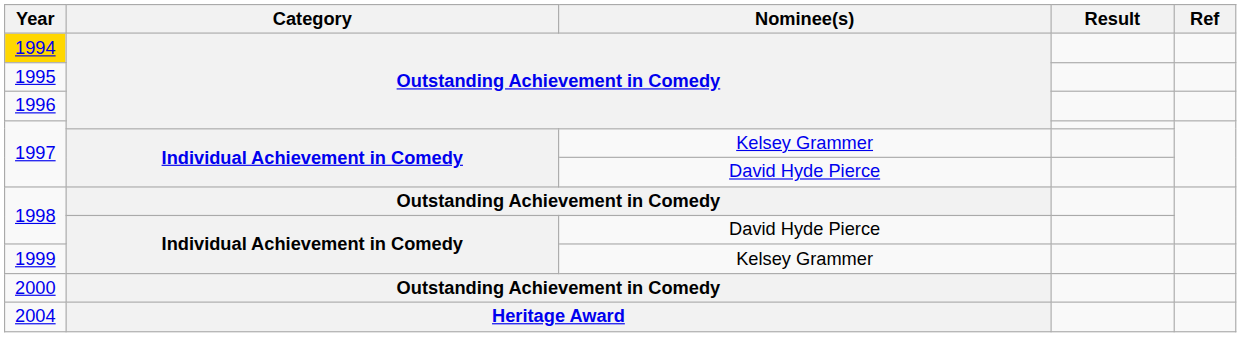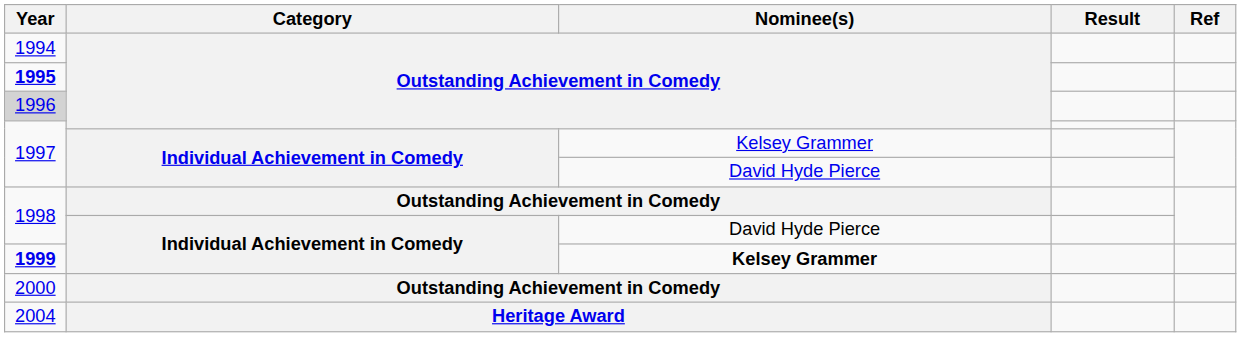 <table class="wikitable plainrowheaders" style="font-size: 100%; text-align:center" width=85.5%>
 <tr>
 <th scope="col" width="5%">Year</th>
 <th scope="col" width="40%">Category</th>
 <th scope="col" width="40%">Nominee(s)</th>
 <th scope="col" width="10%">Result</th>
 <th scope="col" width="5%">Ref</th>
 </tr>
 <tr>
-<td style="background: gold;"><a href='#'>1994</a></td>
+<td><a href='#'>1994</a></td>
 <th scope="row" style="text-align:center" rowspan="4" colspan="2"><a href='#'>Outstanding Achievement in Comedy</a></th>
 <td></td>
 <td></td>
 </tr>
 <tr>
-<td><a href='#'>1995</a></td>
+<td><strong><a href='#'>1995</a></strong></td>
 <td></td>
 <td></td>
 </tr>
 <tr>
-<td><a href='#'>1996</a></td>
+<td style="background: lightgrey;"><a href='#'>1996</a></td>
 <td></td>
 <td></td>
 </tr>
 <tr>
 <td rowspan="3"><a href='#'>1997</a></td>
 <td></td>
 <td rowspan="3"></td>
 </tr>
 <tr>
 <th scope="row" style="text-align:center" rowspan="2"><a href='#'>Individual Achievement in Comedy</a></th>
 <td><a href='#'>Kelsey Grammer</a></td>
 <td></td>
 </tr>
 <tr>
 <td><a href='#'>David Hyde Pierce</a></td>
 <td></td>
 </tr>
 <tr>
 <td rowspan="2"><a href='#'>1998</a></td>
 <th scope="row" style="text-align:center" colspan="2">Outstanding Achievement in Comedy</th>
 <td></td>
 <td rowspan="2"></td>
 </tr>
 <tr>
 <th scope="row" style="text-align:center" rowspan="2">Individual Achievement in Comedy</th>
 <td>David Hyde Pierce</td>
 <td></td>
 </tr>
 <tr>
-<td><a href='#'>1999</a></td>
-<td>Kelsey Grammer</td>
+<td><strong><a href='#'>1999</a></strong></td>
+<td><strong>Kelsey Grammer</strong></td>
 <td></td>
 <td></td>
 </tr>
 <tr>
 <td><a href='#'>2000</a></td>
 <th scope="row" style="text-align:center" colspan="2">Outstanding Achievement in Comedy</th>
 <td></td>
 <td></td>
 </tr>
 <tr>
 <td><a href='#'>2004</a></td>
 <th scope="row" style="text-align:center" colspan="2"><a href='#'>Heritage Award</a></th>
 <td></td>
 <td></td>
 </tr>
 </table>
